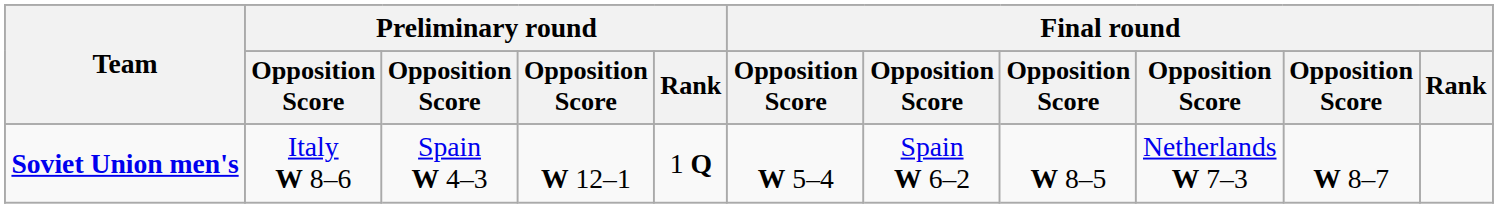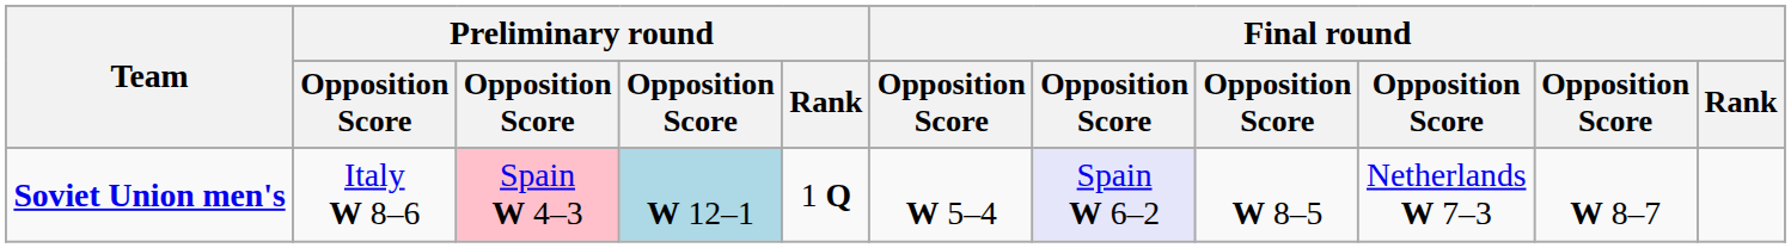 <table class="wikitable" style="font-size:90%">
 <tr>
 <th rowspan=2>Team</th>
 <th colspan=4>Preliminary round</th>
 <th colspan=6>Final round</th>
 </tr>
 <tr style="font-size:95%">
 <th>Opposition<br>Score</th>
 <th>Opposition<br>Score</th>
 <th>Opposition<br>Score</th>
 <th>Rank</th>
 <th>Opposition<br>Score</th>
 <th>Opposition<br>Score</th>
 <th>Opposition<br>Score</th>
 <th>Opposition<br>Score</th>
 <th>Opposition<br>Score</th>
 <th>Rank</th>
 </tr>
 <tr align=center>
 <td align=left><strong><a href='#'>Soviet Union men's</a></strong></td>
 <td> <a href='#'>Italy</a><br><strong>W</strong> 8–6</td>
-<td> <a href='#'>Spain</a><br><strong>W</strong> 4–3</td>
-<td><br><strong>W</strong> 12–1</td>
+<td style="background: pink;"> <a href='#'>Spain</a><br><strong>W</strong> 4–3</td>
+<td style="background: lightblue;"><br><strong>W</strong> 12–1</td>
 <td>1 <strong>Q</strong></td>
 <td><br><strong>W</strong> 5–4</td>
-<td> <a href='#'>Spain</a><br><strong>W</strong> 6–2</td>
+<td style="background: lavender;"> <a href='#'>Spain</a><br><strong>W</strong> 6–2</td>
 <td><br><strong>W</strong> 8–5</td>
 <td> <a href='#'>Netherlands</a><br><strong>W</strong> 7–3</td>
 <td><br><strong>W</strong> 8–7</td>
 <td></td>
 </tr>
 </table>
